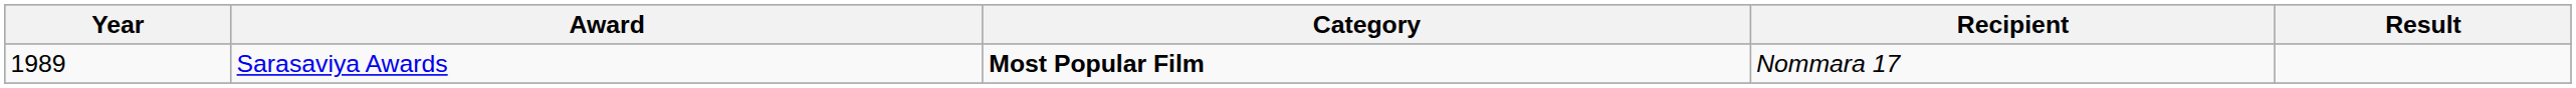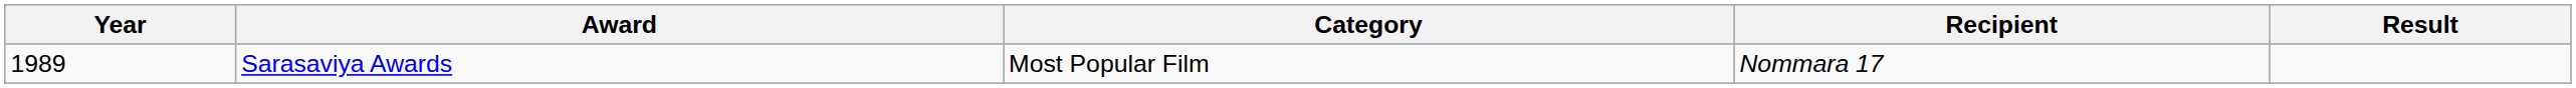 <table class="wikitable sortable" style="font-size:95%; width:99%;">
 <tr style="text-align:center;">
 <th>Year</th>
 <th>Award</th>
 <th>Category</th>
 <th>Recipient</th>
 <th>Result</th>
 </tr>
 <tr>
 <td rowspan="4">1989</td>
 <td><a href='#'>Sarasaviya Awards</a></td>
-<td><strong>Most Popular Film</strong></td>
+<td>Most Popular Film</td>
 <td><em>Nommara 17</em></td>
 <td></td>
 </tr>
 </table>
